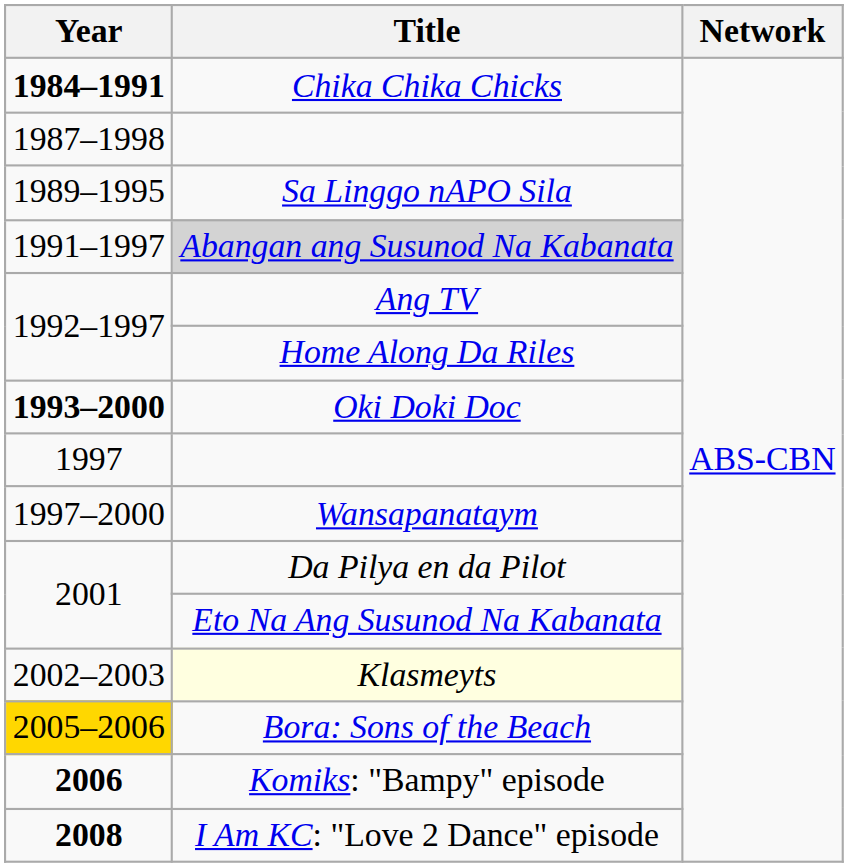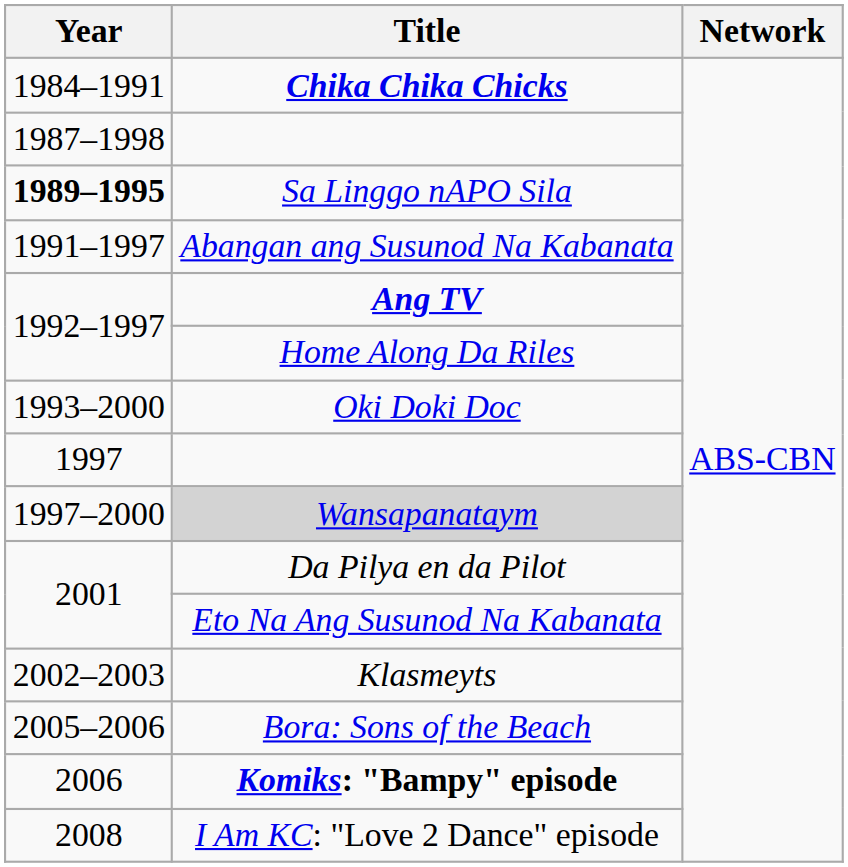 <table class="wikitable sortable">
 <tr>
 <th>Year</th>
 <th>Title</th>
 <th>Network</th>
 </tr>
 <tr align="center">
-<td><strong>1984–1991</strong></td>
-<td><em><a href='#'>Chika Chika Chicks</a></em></td>
+<td>1984–1991</td>
+<td><strong><em><a href='#'>Chika Chika Chicks</a></em></strong></td>
 <td rowspan=15><a href='#'>ABS-CBN</a></td>
 </tr>
 <tr align="center">
 <td>1987–1998</td>
 <td></td>
 </tr>
 <tr align="center">
-<td>1989–1995</td>
+<td><strong>1989–1995</strong></td>
 <td><em><a href='#'>Sa Linggo nAPO Sila</a></em></td>
 </tr>
 <tr align="center">
 <td>1991–1997</td>
-<td style="background: lightgrey;"><em><a href='#'>Abangan ang Susunod Na Kabanata</a></em></td>
+<td><em><a href='#'>Abangan ang Susunod Na Kabanata</a></em></td>
 </tr>
 <tr align="center">
 <td rowspan=2>1992–1997</td>
-<td><em><a href='#'>Ang TV</a></em></td>
+<td><strong><em><a href='#'>Ang TV</a></em></strong></td>
 </tr>
 <tr align="center">
 <td><em><a href='#'>Home Along Da Riles</a></em></td>
 </tr>
 <tr align=center>
-<td><strong>1993–2000</strong></td>
+<td>1993–2000</td>
 <td><em><a href='#'>Oki Doki Doc</a></em></td>
 </tr>
 <tr align="center">
 <td>1997</td>
 <td></td>
 </tr>
 <tr align="center">
 <td>1997–2000</td>
-<td><em><a href='#'>Wansapanataym</a></em></td>
+<td style="background: lightgrey;"><em><a href='#'>Wansapanataym</a></em></td>
 </tr>
 <tr align="center">
 <td rowspan=2>2001</td>
 <td><em>Da Pilya en da Pilot</em></td>
 </tr>
 <tr align=center>
 <td><em><a href='#'>Eto Na Ang Susunod Na Kabanata</a></em></td>
 </tr>
 <tr align="center">
 <td>2002–2003</td>
-<td style="background: lightyellow;"><em>Klasmeyts</em></td>
+<td><em>Klasmeyts</em></td>
 </tr>
 <tr align="center">
-<td style="background: gold;">2005–2006</td>
+<td>2005–2006</td>
 <td><em><a href='#'>Bora: Sons of the Beach</a></em></td>
 </tr>
 <tr align="center">
-<td><strong>2006</strong></td>
-<td><em><a href='#'>Komiks</a></em>: "Bampy" episode</td>
+<td>2006</td>
+<td><strong><em><a href='#'>Komiks</a></em>: "Bampy" episode</strong></td>
 </tr>
 <tr align="center">
-<td><strong>2008</strong></td>
+<td>2008</td>
 <td><em><a href='#'>I Am KC</a></em>: "Love 2 Dance" episode</td>
 </tr>
 </table>
